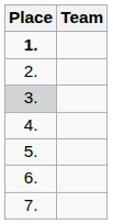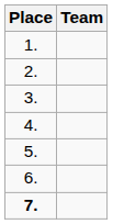 <table class="wikitable" style="text-align: center;">
 <tr>
 <th>Place</th>
 <th>Team</th>
 </tr>
 <tr>
-<td><strong>1.</strong></td>
+<td>1.</td>
 <td style="text-align:left;"></td>
 </tr>
 <tr>
 <td>2.</td>
 <td style="text-align:left;"></td>
 </tr>
 <tr>
-<td style="background: lightgrey;">3.</td>
+<td>3.</td>
 <td style="text-align:left;"></td>
 </tr>
 <tr>
 <td>4.</td>
 <td style="text-align:left;"></td>
 </tr>
 <tr>
 <td>5.</td>
 <td style="text-align:left;"></td>
 </tr>
 <tr>
 <td>6.</td>
 <td style="text-align:left;"></td>
 </tr>
 <tr>
-<td>7.</td>
+<td><strong>7.</strong></td>
 <td style="text-align:left;"></td>
 </tr>
 </table>
